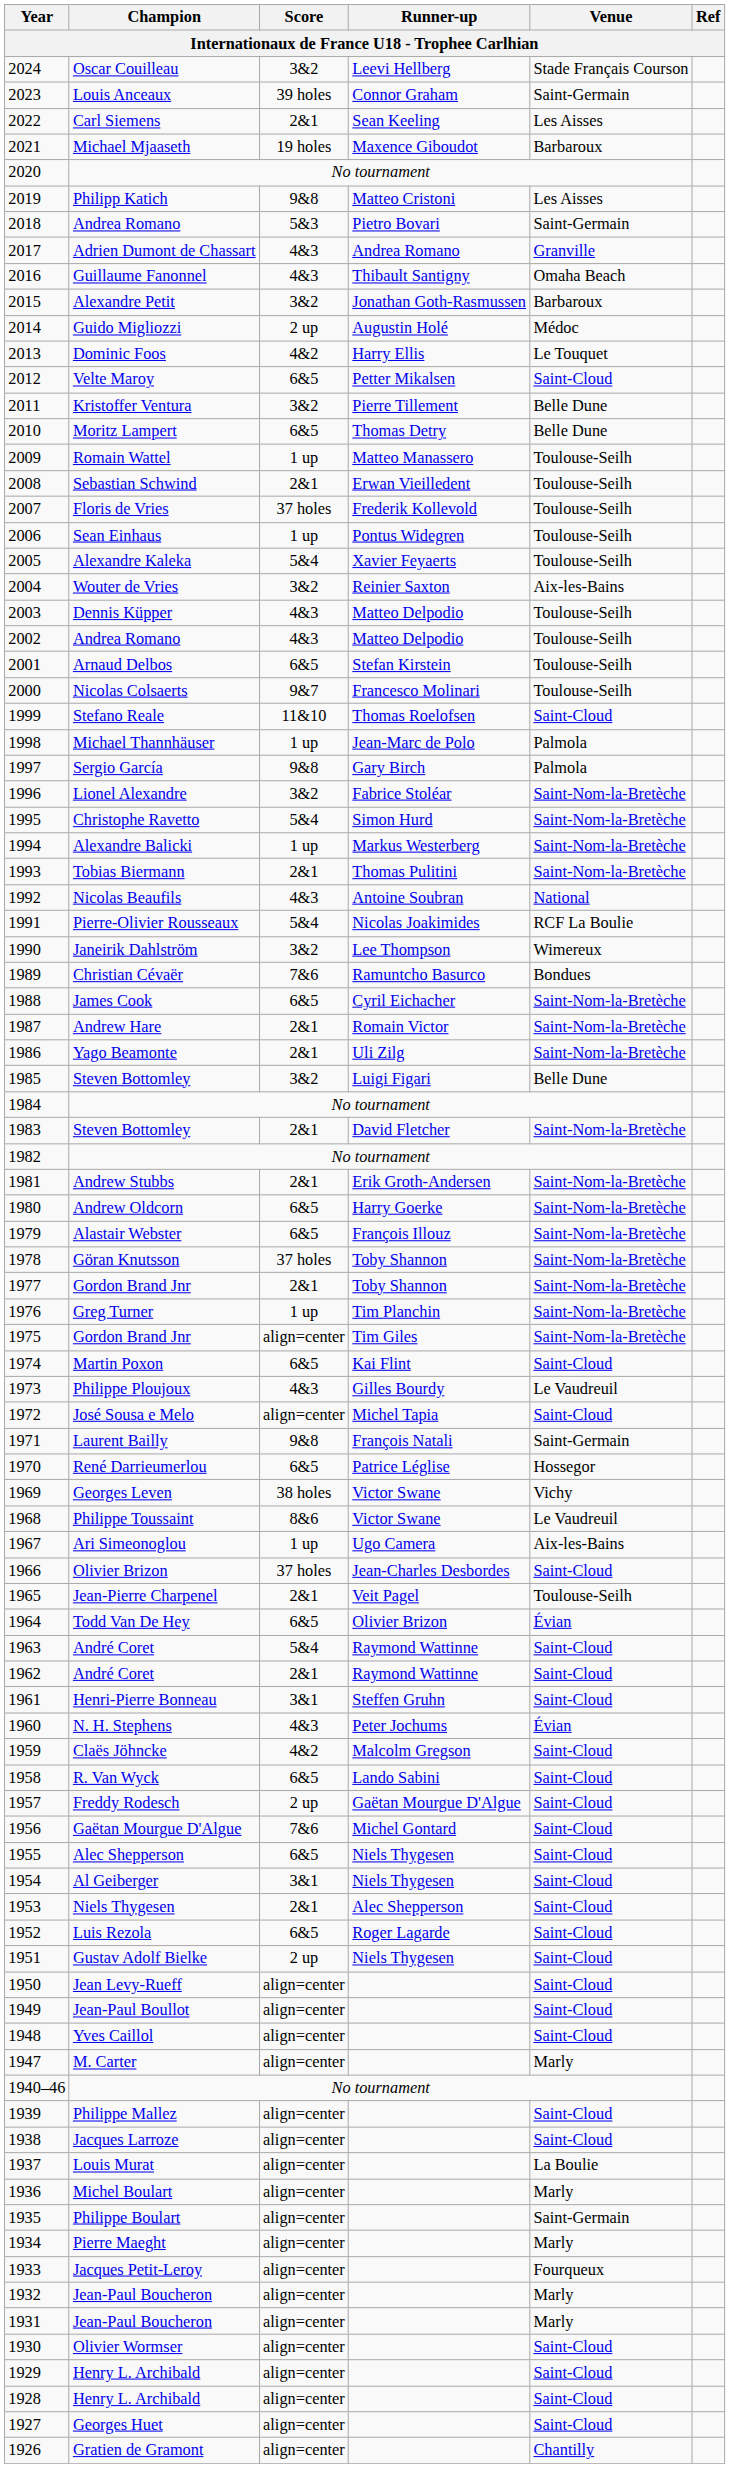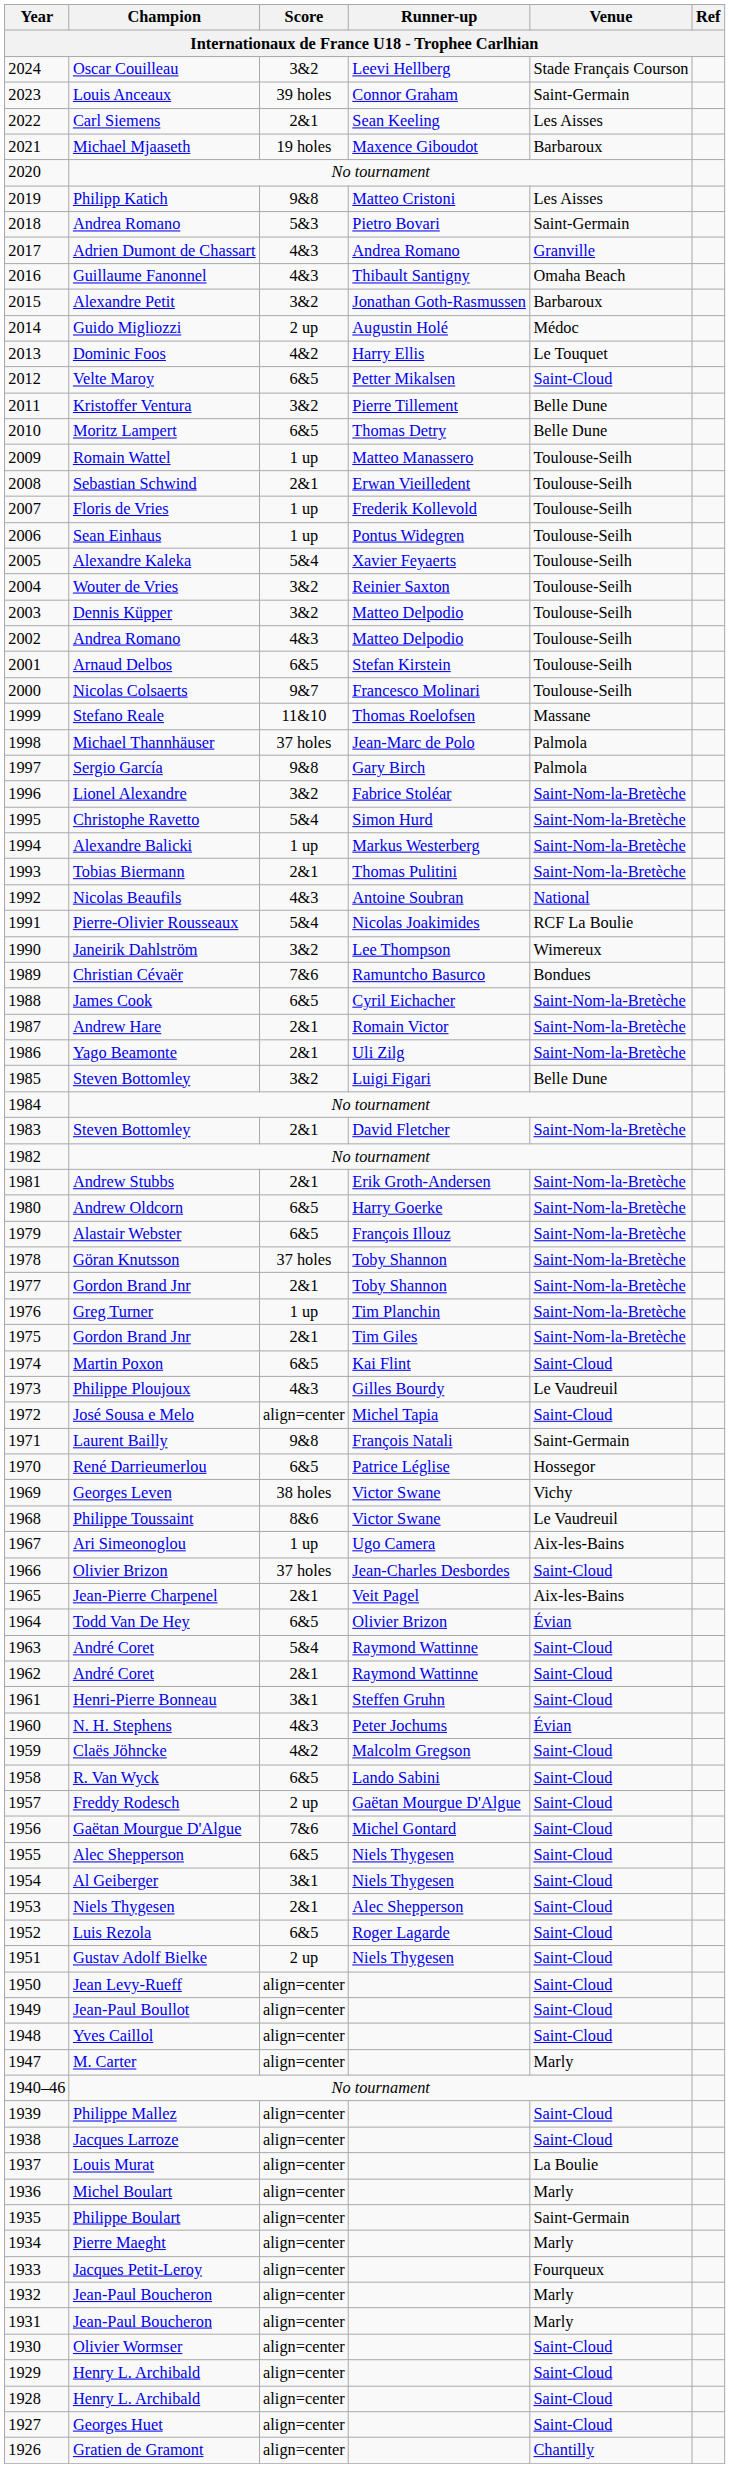 <table class="wikitable">
 <tr>
 <th>Year</th>
 <th>Champion</th>
 <th>Score</th>
 <th>Runner-up</th>
 <th>Venue</th>
 <th>Ref</th>
 </tr>
 <tr>
 <th colspan=8>Internationaux de France U18 - Trophee Carlhian</th>
 </tr>
 <tr>
 <td>2024</td>
 <td> <a href='#'>Oscar Couilleau</a></td>
 <td align=center>3&2</td>
 <td> <a href='#'>Leevi Hellberg</a></td>
 <td>Stade Français Courson</td>
 <td></td>
 </tr>
 <tr>
 <td>2023</td>
 <td> <a href='#'>Louis Anceaux</a></td>
 <td align=center>39 holes</td>
 <td> <a href='#'>Connor Graham</a></td>
 <td>Saint-Germain</td>
 <td></td>
 </tr>
 <tr>
 <td>2022</td>
 <td> <a href='#'>Carl Siemens</a></td>
 <td align=center>2&1</td>
 <td> <a href='#'>Sean Keeling</a></td>
 <td>Les Aisses</td>
 <td></td>
 </tr>
 <tr>
 <td>2021</td>
 <td> <a href='#'>Michael Mjaaseth</a></td>
 <td align=center>19 holes</td>
 <td> <a href='#'>Maxence Giboudot</a></td>
 <td>Barbaroux</td>
 <td></td>
 </tr>
 <tr>
 <td>2020</td>
 <td colspan="4" align=center><em>No tournament</em></td>
 <td></td>
 </tr>
 <tr>
 <td>2019</td>
 <td> <a href='#'>Philipp Katich</a></td>
 <td align=center>9&8</td>
 <td> <a href='#'>Matteo Cristoni</a></td>
 <td>Les Aisses</td>
 <td></td>
 </tr>
 <tr>
 <td>2018</td>
 <td> <a href='#'>Andrea Romano</a></td>
 <td align=center>5&3</td>
 <td> <a href='#'>Pietro Bovari</a></td>
 <td>Saint-Germain</td>
 <td></td>
 </tr>
 <tr>
 <td>2017</td>
 <td> <a href='#'>Adrien Dumont de Chassart</a></td>
 <td align=center>4&3</td>
 <td> <a href='#'>Andrea Romano</a></td>
 <td><a href='#'>Granville</a></td>
 <td></td>
 </tr>
 <tr>
 <td>2016</td>
 <td> <a href='#'>Guillaume Fanonnel</a></td>
 <td align=center>4&3</td>
 <td> <a href='#'>Thibault Santigny</a></td>
 <td>Omaha Beach</td>
 <td></td>
 </tr>
 <tr>
 <td>2015</td>
 <td> <a href='#'>Alexandre Petit</a></td>
 <td align=center>3&2</td>
 <td> <a href='#'>Jonathan Goth-Rasmussen</a></td>
 <td>Barbaroux</td>
 <td></td>
 </tr>
 <tr>
 <td>2014</td>
 <td> <a href='#'>Guido Migliozzi</a></td>
 <td align=center>2 up</td>
 <td> <a href='#'>Augustin Holé</a></td>
 <td>Médoc</td>
 <td></td>
 </tr>
 <tr>
 <td>2013</td>
 <td> <a href='#'>Dominic Foos</a></td>
 <td align=center>4&2</td>
 <td> <a href='#'>Harry Ellis</a></td>
 <td>Le Touquet</td>
 <td></td>
 </tr>
 <tr>
 <td>2012</td>
 <td> <a href='#'>Velte Maroy</a></td>
 <td align=center>6&5</td>
 <td> <a href='#'>Petter Mikalsen</a></td>
 <td><a href='#'>Saint-Cloud</a></td>
 <td></td>
 </tr>
 <tr>
 <td>2011</td>
 <td> <a href='#'>Kristoffer Ventura</a></td>
 <td align=center>3&2</td>
 <td> <a href='#'>Pierre Tillement</a></td>
 <td>Belle Dune</td>
 <td></td>
 </tr>
 <tr>
 <td>2010</td>
 <td> <a href='#'>Moritz Lampert</a></td>
 <td align=center>6&5</td>
 <td> <a href='#'>Thomas Detry</a></td>
 <td>Belle Dune</td>
 <td></td>
 </tr>
 <tr>
 <td>2009</td>
 <td> <a href='#'>Romain Wattel</a></td>
 <td align=center>1 up</td>
 <td> <a href='#'>Matteo Manassero</a></td>
 <td>Toulouse-Seilh</td>
 <td></td>
 </tr>
 <tr>
 <td>2008</td>
 <td> <a href='#'>Sebastian Schwind</a></td>
 <td align=center>2&1</td>
 <td> <a href='#'>Erwan Vieilledent</a></td>
 <td>Toulouse-Seilh</td>
 <td></td>
 </tr>
 <tr>
 <td>2007</td>
 <td> <a href='#'>Floris de Vries</a></td>
-<td align=center>37 holes</td>
+<td align=center>1 up</td>
 <td> <a href='#'>Frederik Kollevold</a></td>
 <td>Toulouse-Seilh</td>
 <td></td>
 </tr>
 <tr>
 <td>2006</td>
 <td> <a href='#'>Sean Einhaus</a></td>
 <td align=center>1 up</td>
 <td> <a href='#'>Pontus Widegren</a></td>
 <td>Toulouse-Seilh</td>
 <td></td>
 </tr>
 <tr>
 <td>2005</td>
 <td> <a href='#'>Alexandre Kaleka</a></td>
 <td align=center>5&4</td>
 <td> <a href='#'>Xavier Feyaerts</a></td>
 <td>Toulouse-Seilh</td>
 <td></td>
 </tr>
 <tr>
 <td>2004</td>
 <td> <a href='#'>Wouter de Vries</a></td>
 <td align=center>3&2</td>
 <td> <a href='#'>Reinier Saxton</a></td>
-<td>Aix-les-Bains</td>
+<td>Toulouse-Seilh</td>
 <td></td>
 </tr>
 <tr>
 <td>2003</td>
 <td> <a href='#'>Dennis Küpper</a></td>
-<td align=center>4&3</td>
+<td align=center>3&2</td>
 <td> <a href='#'>Matteo Delpodio</a></td>
 <td>Toulouse-Seilh</td>
 <td></td>
 </tr>
 <tr>
 <td>2002</td>
 <td> <a href='#'>Andrea Romano</a></td>
 <td align=center>4&3</td>
 <td> <a href='#'>Matteo Delpodio</a></td>
 <td>Toulouse-Seilh</td>
 <td></td>
 </tr>
 <tr>
 <td>2001</td>
 <td> <a href='#'>Arnaud Delbos</a></td>
 <td align=center>6&5</td>
 <td> <a href='#'>Stefan Kirstein</a></td>
 <td>Toulouse-Seilh</td>
 <td></td>
 </tr>
 <tr>
 <td>2000</td>
 <td> <a href='#'>Nicolas Colsaerts</a></td>
 <td align=center>9&7</td>
 <td> <a href='#'>Francesco Molinari</a></td>
 <td>Toulouse-Seilh</td>
 <td></td>
 </tr>
 <tr>
 <td>1999</td>
 <td> <a href='#'>Stefano Reale</a></td>
 <td align=center>11&10</td>
 <td> <a href='#'>Thomas Roelofsen</a></td>
-<td><a href='#'>Saint-Cloud</a></td>
+<td>Massane</td>
 <td></td>
 </tr>
 <tr>
 <td>1998</td>
 <td> <a href='#'>Michael Thannhäuser</a></td>
-<td align=center>1 up</td>
+<td align=center>37 holes</td>
 <td> <a href='#'>Jean-Marc de Polo</a></td>
 <td>Palmola</td>
 <td></td>
 </tr>
 <tr>
 <td>1997</td>
 <td> <a href='#'>Sergio García</a></td>
 <td align=center>9&8</td>
 <td> <a href='#'>Gary Birch</a></td>
 <td>Palmola</td>
 <td></td>
 </tr>
 <tr>
 <td>1996</td>
 <td> <a href='#'>Lionel Alexandre</a></td>
 <td align=center>3&2</td>
 <td> <a href='#'>Fabrice Stoléar</a></td>
 <td><a href='#'>Saint-Nom-la-Bretèche</a></td>
 <td></td>
 </tr>
 <tr>
 <td>1995</td>
 <td> <a href='#'>Christophe Ravetto</a></td>
 <td align=center>5&4</td>
 <td> <a href='#'>Simon Hurd</a></td>
 <td><a href='#'>Saint-Nom-la-Bretèche</a></td>
 <td></td>
 </tr>
 <tr>
 <td>1994</td>
 <td> <a href='#'>Alexandre Balicki</a></td>
 <td align=center>1 up</td>
 <td> <a href='#'>Markus Westerberg</a></td>
 <td><a href='#'>Saint-Nom-la-Bretèche</a></td>
 <td></td>
 </tr>
 <tr>
 <td>1993</td>
 <td> <a href='#'>Tobias Biermann</a></td>
 <td align=center>2&1</td>
 <td> <a href='#'>Thomas Pulitini</a></td>
 <td><a href='#'>Saint-Nom-la-Bretèche</a></td>
 <td></td>
 </tr>
 <tr>
 <td>1992</td>
 <td> <a href='#'>Nicolas Beaufils</a></td>
 <td align=center>4&3</td>
 <td> <a href='#'>Antoine Soubran</a></td>
 <td><a href='#'>National</a></td>
 <td></td>
 </tr>
 <tr>
 <td>1991</td>
 <td> <a href='#'>Pierre-Olivier Rousseaux</a></td>
 <td align=center>5&4</td>
 <td> <a href='#'>Nicolas Joakimides</a></td>
 <td>RCF La Boulie</td>
 <td></td>
 </tr>
 <tr>
 <td>1990</td>
 <td> <a href='#'>Janeirik Dahlström</a></td>
 <td align=center>3&2</td>
 <td> <a href='#'>Lee Thompson</a></td>
 <td>Wimereux</td>
 <td></td>
 </tr>
 <tr>
 <td>1989</td>
 <td> <a href='#'>Christian Cévaër</a></td>
 <td align=center>7&6</td>
 <td> <a href='#'>Ramuntcho Basurco</a></td>
 <td>Bondues</td>
 <td></td>
 </tr>
 <tr>
 <td>1988</td>
 <td> <a href='#'>James Cook</a></td>
 <td align=center>6&5</td>
 <td> <a href='#'>Cyril Eichacher</a></td>
 <td><a href='#'>Saint-Nom-la-Bretèche</a></td>
 <td></td>
 </tr>
 <tr>
 <td>1987</td>
 <td> <a href='#'>Andrew Hare</a></td>
 <td align=center>2&1</td>
 <td> <a href='#'>Romain Victor</a></td>
 <td><a href='#'>Saint-Nom-la-Bretèche</a></td>
 <td></td>
 </tr>
 <tr>
 <td>1986</td>
 <td> <a href='#'>Yago Beamonte</a></td>
 <td align=center>2&1</td>
 <td> <a href='#'>Uli Zilg</a></td>
 <td><a href='#'>Saint-Nom-la-Bretèche</a></td>
 <td></td>
 </tr>
 <tr>
 <td>1985</td>
 <td> <a href='#'>Steven Bottomley</a></td>
 <td align=center>3&2</td>
 <td> <a href='#'>Luigi Figari</a></td>
 <td>Belle Dune</td>
 <td></td>
 </tr>
 <tr>
 <td>1984</td>
 <td colspan="4" align=center><em>No tournament</em></td>
 <td></td>
 </tr>
 <tr>
 <td>1983</td>
 <td> <a href='#'>Steven Bottomley</a></td>
 <td align=center>2&1</td>
 <td> <a href='#'>David Fletcher</a></td>
 <td><a href='#'>Saint-Nom-la-Bretèche</a></td>
 <td></td>
 </tr>
 <tr>
 <td>1982</td>
 <td colspan="4" align=center><em>No tournament</em></td>
 <td></td>
 </tr>
 <tr>
 <td>1981</td>
 <td> <a href='#'>Andrew Stubbs</a></td>
 <td align=center>2&1</td>
 <td> <a href='#'>Erik Groth-Andersen</a></td>
 <td><a href='#'>Saint-Nom-la-Bretèche</a></td>
 <td></td>
 </tr>
 <tr>
 <td>1980</td>
 <td> <a href='#'>Andrew Oldcorn</a></td>
 <td align=center>6&5</td>
 <td> <a href='#'>Harry Goerke</a></td>
 <td><a href='#'>Saint-Nom-la-Bretèche</a></td>
 <td></td>
 </tr>
 <tr>
 <td>1979</td>
 <td> <a href='#'>Alastair Webster</a></td>
 <td align=center>6&5</td>
 <td> <a href='#'>François Illouz</a></td>
 <td><a href='#'>Saint-Nom-la-Bretèche</a></td>
 <td></td>
 </tr>
 <tr>
 <td>1978</td>
 <td> <a href='#'>Göran Knutsson</a></td>
 <td align=center>37 holes</td>
 <td> <a href='#'>Toby Shannon</a></td>
 <td><a href='#'>Saint-Nom-la-Bretèche</a></td>
 <td></td>
 </tr>
 <tr>
 <td>1977</td>
 <td> <a href='#'>Gordon Brand Jnr</a></td>
 <td align=center>2&1</td>
 <td> <a href='#'>Toby Shannon</a></td>
 <td><a href='#'>Saint-Nom-la-Bretèche</a></td>
 <td></td>
 </tr>
 <tr>
 <td>1976</td>
 <td> <a href='#'>Greg Turner</a></td>
 <td align=center>1 up</td>
 <td> <a href='#'>Tim Planchin</a></td>
 <td><a href='#'>Saint-Nom-la-Bretèche</a></td>
 <td></td>
 </tr>
 <tr>
 <td>1975</td>
 <td> <a href='#'>Gordon Brand Jnr</a></td>
-<td>align=center</td>
+<td align=center>2&1</td>
 <td> <a href='#'>Tim Giles</a></td>
 <td><a href='#'>Saint-Nom-la-Bretèche</a></td>
 <td></td>
 </tr>
 <tr>
 <td>1974</td>
 <td> <a href='#'>Martin Poxon</a></td>
 <td align=center>6&5</td>
 <td> <a href='#'>Kai Flint</a></td>
 <td><a href='#'>Saint-Cloud</a></td>
 <td></td>
 </tr>
 <tr>
 <td>1973</td>
 <td> <a href='#'>Philippe Ploujoux</a></td>
 <td align=center>4&3</td>
 <td> <a href='#'>Gilles Bourdy</a></td>
 <td>Le Vaudreuil</td>
 <td></td>
 </tr>
 <tr>
 <td>1972</td>
 <td> <a href='#'>José Sousa e Melo</a></td>
 <td>align=center</td>
 <td> <a href='#'>Michel Tapia</a></td>
 <td><a href='#'>Saint-Cloud</a></td>
 <td></td>
 </tr>
 <tr>
 <td>1971</td>
 <td> <a href='#'>Laurent Bailly</a></td>
 <td align=center>9&8</td>
 <td> <a href='#'>François Natali</a></td>
 <td>Saint-Germain</td>
 <td></td>
 </tr>
 <tr>
 <td>1970</td>
 <td> <a href='#'>René Darrieumerlou</a></td>
 <td align=center>6&5</td>
 <td> <a href='#'>Patrice Léglise</a></td>
 <td>Hossegor</td>
 <td></td>
 </tr>
 <tr>
 <td>1969</td>
 <td> <a href='#'>Georges Leven</a></td>
 <td align=center>38 holes</td>
 <td> <a href='#'>Victor Swane</a></td>
 <td>Vichy</td>
 <td></td>
 </tr>
 <tr>
 <td>1968</td>
 <td> <a href='#'>Philippe Toussaint</a></td>
 <td align=center>8&6</td>
 <td> <a href='#'>Victor Swane</a></td>
 <td>Le Vaudreuil</td>
 <td></td>
 </tr>
 <tr>
 <td>1967</td>
 <td> <a href='#'>Ari Simeonoglou</a></td>
 <td align=center>1 up</td>
 <td> <a href='#'>Ugo Camera</a></td>
 <td>Aix-les-Bains</td>
 <td></td>
 </tr>
 <tr>
 <td>1966</td>
 <td> <a href='#'>Olivier Brizon</a></td>
 <td align=center>37 holes</td>
 <td> <a href='#'>Jean-Charles Desbordes</a></td>
 <td><a href='#'>Saint-Cloud</a></td>
 <td></td>
 </tr>
 <tr>
 <td>1965</td>
 <td> <a href='#'>Jean-Pierre Charpenel</a></td>
 <td align=center>2&1</td>
 <td> <a href='#'>Veit Pagel</a></td>
-<td>Toulouse-Seilh</td>
+<td>Aix-les-Bains</td>
 <td></td>
 </tr>
 <tr>
 <td>1964</td>
 <td> <a href='#'>Todd Van De Hey</a></td>
 <td align=center>6&5</td>
 <td> <a href='#'>Olivier Brizon</a></td>
 <td><a href='#'>Évian</a></td>
 <td></td>
 </tr>
 <tr>
 <td>1963</td>
 <td> <a href='#'>André Coret</a></td>
 <td align=center>5&4</td>
 <td> <a href='#'>Raymond Wattinne</a></td>
 <td><a href='#'>Saint-Cloud</a></td>
 <td></td>
 </tr>
 <tr>
 <td>1962</td>
 <td> <a href='#'>André Coret</a></td>
 <td align=center>2&1</td>
 <td> <a href='#'>Raymond Wattinne</a></td>
 <td><a href='#'>Saint-Cloud</a></td>
 <td></td>
 </tr>
 <tr>
 <td>1961</td>
 <td> <a href='#'>Henri-Pierre Bonneau</a></td>
 <td align=center>3&1</td>
 <td> <a href='#'>Steffen Gruhn</a></td>
 <td><a href='#'>Saint-Cloud</a></td>
 <td></td>
 </tr>
 <tr>
 <td>1960</td>
 <td> <a href='#'>N. H. Stephens</a></td>
 <td align=center>4&3</td>
 <td> <a href='#'>Peter Jochums</a></td>
 <td><a href='#'>Évian</a></td>
 <td></td>
 </tr>
 <tr>
 <td>1959</td>
 <td> <a href='#'>Claës Jöhncke</a></td>
 <td align=center>4&2</td>
 <td> <a href='#'>Malcolm Gregson</a></td>
 <td><a href='#'>Saint-Cloud</a></td>
 <td></td>
 </tr>
 <tr>
 <td>1958</td>
 <td> <a href='#'>R. Van Wyck</a></td>
 <td align=center>6&5</td>
 <td> <a href='#'>Lando Sabini</a></td>
 <td><a href='#'>Saint-Cloud</a></td>
 <td></td>
 </tr>
 <tr>
 <td>1957</td>
 <td> <a href='#'>Freddy Rodesch</a></td>
 <td align=center>2 up</td>
 <td> <a href='#'>Gaëtan Mourgue D'Algue</a></td>
 <td><a href='#'>Saint-Cloud</a></td>
 <td></td>
 </tr>
 <tr>
 <td>1956</td>
 <td> <a href='#'>Gaëtan Mourgue D'Algue</a></td>
 <td align=center>7&6</td>
 <td> <a href='#'>Michel Gontard</a></td>
 <td><a href='#'>Saint-Cloud</a></td>
 <td></td>
 </tr>
 <tr>
 <td>1955</td>
 <td> <a href='#'>Alec Shepperson</a></td>
 <td align=center>6&5</td>
 <td> <a href='#'>Niels Thygesen</a></td>
 <td><a href='#'>Saint-Cloud</a></td>
 <td></td>
 </tr>
 <tr>
 <td>1954</td>
 <td> <a href='#'>Al Geiberger</a></td>
 <td align=center>3&1</td>
 <td> <a href='#'>Niels Thygesen</a></td>
 <td><a href='#'>Saint-Cloud</a></td>
 <td></td>
 </tr>
 <tr>
 <td>1953</td>
 <td> <a href='#'>Niels Thygesen</a></td>
 <td align=center>2&1</td>
 <td> <a href='#'>Alec Shepperson</a></td>
 <td><a href='#'>Saint-Cloud</a></td>
 <td></td>
 </tr>
 <tr>
 <td>1952</td>
 <td> <a href='#'>Luis Rezola</a></td>
 <td align=center>6&5</td>
 <td> <a href='#'>Roger Lagarde</a></td>
 <td><a href='#'>Saint-Cloud</a></td>
 <td></td>
 </tr>
 <tr>
 <td>1951</td>
 <td> <a href='#'>Gustav Adolf Bielke</a></td>
 <td align=center>2 up</td>
 <td> <a href='#'>Niels Thygesen</a></td>
 <td><a href='#'>Saint-Cloud</a></td>
 <td></td>
 </tr>
 <tr>
 <td>1950</td>
 <td> <a href='#'>Jean Levy-Rueff</a></td>
 <td>align=center</td>
 <td></td>
 <td><a href='#'>Saint-Cloud</a></td>
 <td></td>
 </tr>
 <tr>
 <td>1949</td>
 <td> <a href='#'>Jean-Paul Boullot</a></td>
 <td>align=center</td>
 <td></td>
 <td><a href='#'>Saint-Cloud</a></td>
 <td></td>
 </tr>
 <tr>
 <td>1948</td>
 <td> <a href='#'>Yves Caillol</a></td>
 <td>align=center</td>
 <td></td>
 <td><a href='#'>Saint-Cloud</a></td>
 <td></td>
 </tr>
 <tr>
 <td>1947</td>
 <td> <a href='#'>M. Carter</a></td>
 <td>align=center</td>
 <td></td>
 <td>Marly</td>
 <td></td>
 </tr>
 <tr>
 <td>1940–46</td>
 <td colspan="4" align=center><em>No tournament</em></td>
 <td></td>
 </tr>
 <tr>
 <td>1939</td>
 <td> <a href='#'>Philippe Mallez</a></td>
 <td>align=center</td>
 <td></td>
 <td><a href='#'>Saint-Cloud</a></td>
 <td></td>
 </tr>
 <tr>
 <td>1938</td>
 <td> <a href='#'>Jacques Larroze</a></td>
 <td>align=center</td>
 <td></td>
 <td><a href='#'>Saint-Cloud</a></td>
 <td></td>
 </tr>
 <tr>
 <td>1937</td>
 <td> <a href='#'>Louis Murat</a></td>
 <td>align=center</td>
 <td></td>
 <td>La Boulie</td>
 <td></td>
 </tr>
 <tr>
 <td>1936</td>
 <td> <a href='#'>Michel Boulart</a></td>
 <td>align=center</td>
 <td></td>
 <td>Marly</td>
 <td></td>
 </tr>
 <tr>
 <td>1935</td>
 <td> <a href='#'>Philippe Boulart</a></td>
 <td>align=center</td>
 <td></td>
 <td>Saint-Germain</td>
 <td></td>
 </tr>
 <tr>
 <td>1934</td>
 <td> <a href='#'>Pierre Maeght</a></td>
 <td>align=center</td>
 <td></td>
 <td>Marly</td>
 <td></td>
 </tr>
 <tr>
 <td>1933</td>
 <td> <a href='#'>Jacques Petit-Leroy</a></td>
 <td>align=center</td>
 <td></td>
 <td>Fourqueux</td>
 <td></td>
 </tr>
 <tr>
 <td>1932</td>
 <td> <a href='#'>Jean-Paul Boucheron</a></td>
 <td>align=center</td>
 <td></td>
 <td>Marly</td>
 <td></td>
 </tr>
 <tr>
 <td>1931</td>
 <td> <a href='#'>Jean-Paul Boucheron</a></td>
 <td>align=center</td>
 <td></td>
 <td>Marly</td>
 <td></td>
 </tr>
 <tr>
 <td>1930</td>
 <td> <a href='#'>Olivier Wormser</a></td>
 <td>align=center</td>
 <td></td>
 <td><a href='#'>Saint-Cloud</a></td>
 <td></td>
 </tr>
 <tr>
 <td>1929</td>
 <td> <a href='#'>Henry L. Archibald</a></td>
 <td>align=center</td>
 <td></td>
 <td><a href='#'>Saint-Cloud</a></td>
 <td></td>
 </tr>
 <tr>
 <td>1928</td>
 <td> <a href='#'>Henry L. Archibald</a></td>
 <td>align=center</td>
 <td></td>
 <td><a href='#'>Saint-Cloud</a></td>
 <td></td>
 </tr>
 <tr>
 <td>1927</td>
 <td> <a href='#'>Georges Huet</a></td>
 <td>align=center</td>
 <td></td>
 <td><a href='#'>Saint-Cloud</a></td>
 <td></td>
 </tr>
 <tr>
 <td>1926</td>
 <td> <a href='#'>Gratien de Gramont</a></td>
 <td>align=center</td>
 <td></td>
 <td><a href='#'>Chantilly</a></td>
 <td></td>
 </tr>
 </table>
